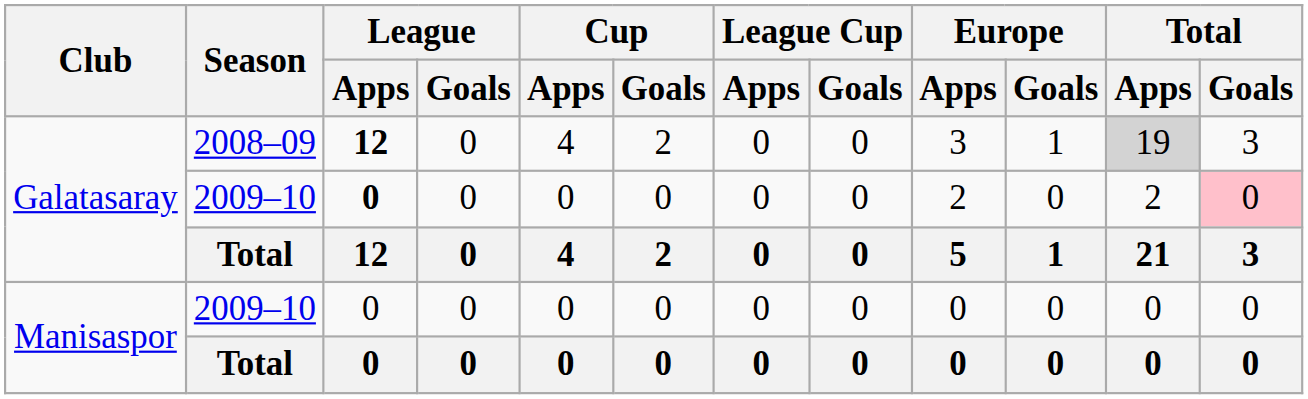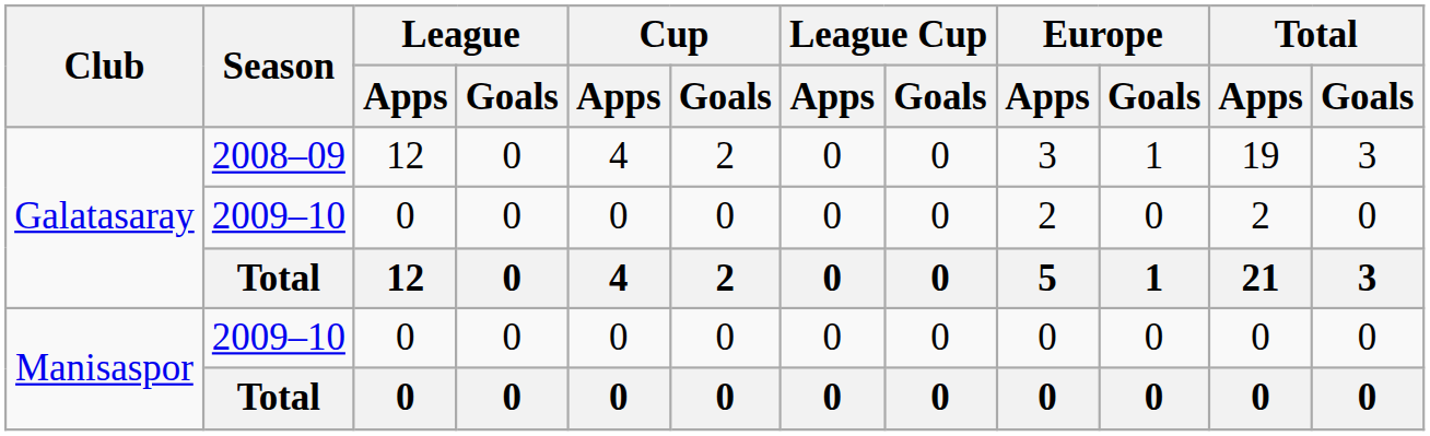 <table class="wikitable" style="text-align: center;">
 <tr>
 <th rowspan="2">Club</th>
 <th rowspan="2">Season</th>
 <th colspan="2">League</th>
 <th colspan="2">Cup</th>
 <th colspan="2">League Cup</th>
 <th colspan="2">Europe</th>
 <th colspan="2">Total</th>
 </tr>
 <tr>
 <th>Apps</th>
 <th>Goals</th>
 <th>Apps</th>
 <th>Goals</th>
 <th>Apps</th>
 <th>Goals</th>
 <th>Apps</th>
 <th>Goals</th>
 <th>Apps</th>
 <th>Goals</th>
 </tr>
 <tr>
 <td rowspan="3" valign="center"><a href='#'>Galatasaray</a></td>
 <td><a href='#'>2008–09</a></td>
-<td><strong>12</strong></td>
+<td>12</td>
 <td>0</td>
 <td>4</td>
 <td>2</td>
 <td>0</td>
 <td>0</td>
 <td>3</td>
 <td>1</td>
-<td style="background: lightgrey;">19</td>
+<td>19</td>
 <td>3</td>
 </tr>
 <tr>
 <td><a href='#'>2009–10</a></td>
-<td><strong>0</strong></td>
+<td>0</td>
 <td>0</td>
 <td>0</td>
 <td>0</td>
 <td>0</td>
 <td>0</td>
 <td>2</td>
 <td>0</td>
 <td>2</td>
-<td style="background: pink;">0</td>
+<td>0</td>
 </tr>
 <tr>
 <th>Total</th>
 <th>12</th>
 <th>0</th>
 <th>4</th>
 <th>2</th>
 <th>0</th>
 <th>0</th>
 <th>5</th>
 <th>1</th>
 <th>21</th>
 <th>3</th>
 </tr>
 <tr>
 <td rowspan="2" valign="center"><a href='#'>Manisaspor</a></td>
 <td><a href='#'>2009–10</a></td>
 <td>0</td>
 <td>0</td>
 <td>0</td>
 <td>0</td>
 <td>0</td>
 <td>0</td>
 <td>0</td>
 <td>0</td>
 <td>0</td>
 <td>0</td>
 </tr>
 <tr>
 <th>Total</th>
 <th>0</th>
 <th>0</th>
 <th>0</th>
 <th>0</th>
 <th>0</th>
 <th>0</th>
 <th>0</th>
 <th>0</th>
 <th>0</th>
 <th>0</th>
 </tr>
 </table>
